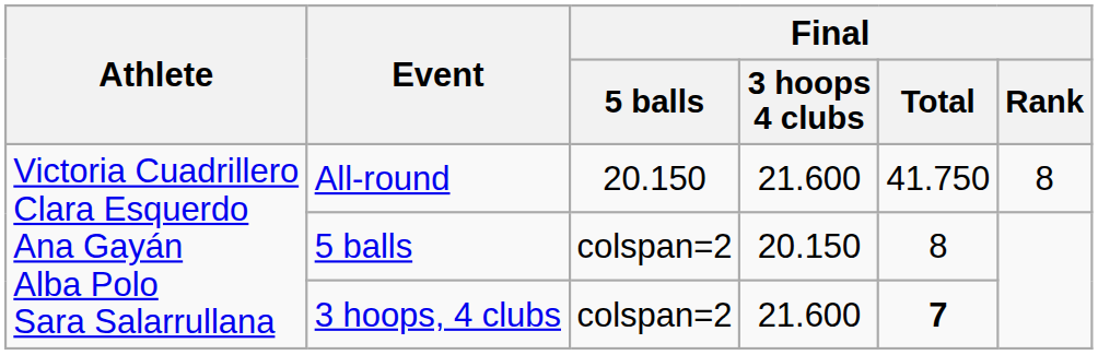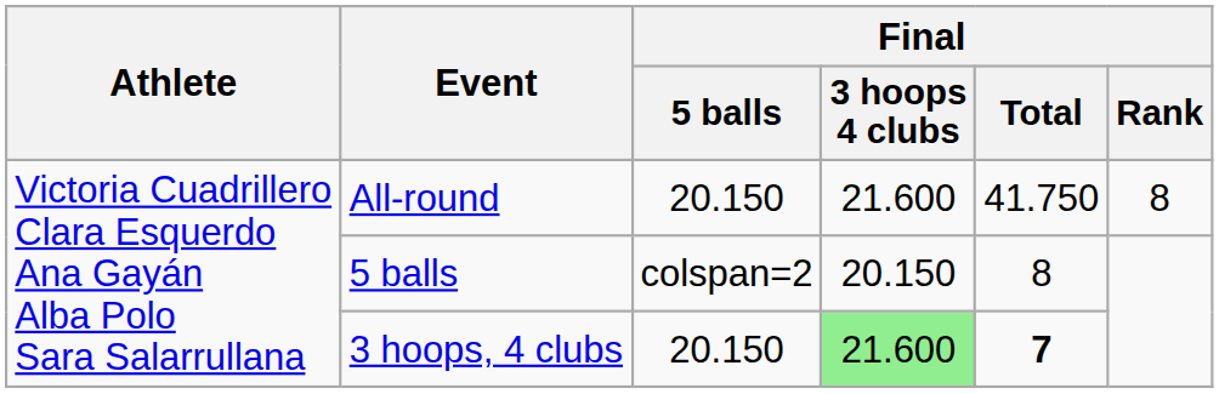 <table class="wikitable" style="text-align:center; font-size:90%">
 <tr>
 <th rowspan=2>Athlete</th>
 <th rowspan=2>Event</th>
 <th colspan=4>Final</th>
 </tr>
 <tr style="font-size:95%">
 <th>5 balls</th>
 <th>3 hoops<br>4 clubs</th>
 <th>Total</th>
 <th>Rank</th>
 </tr>
 <tr align=center>
 <td rowspan=3 align=left><a href='#'>Victoria Cuadrillero</a><br><a href='#'>Clara Esquerdo</a><br><a href='#'>Ana Gayán</a><br><a href='#'>Alba Polo</a><br><a href='#'>Sara Salarrullana</a></td>
 <td align=left><a href='#'>All-round</a></td>
 <td>20.150</td>
 <td>21.600</td>
 <td>41.750</td>
 <td>8</td>
 </tr>
 <tr>
 <td align=left><a href='#'>5 balls</a></td>
 <td>colspan=2 </td>
 <td>20.150</td>
 <td>8</td>
 </tr>
 <tr>
 <td align=left><a href='#'>3 hoops, 4 clubs</a></td>
-<td>colspan=2 </td>
-<td>21.600</td>
+<td>20.150</td>
+<td style="background: lightgreen;">21.600</td>
 <td><strong>7</strong></td>
 </tr>
 </table>
